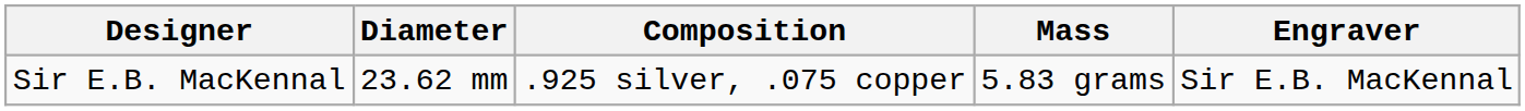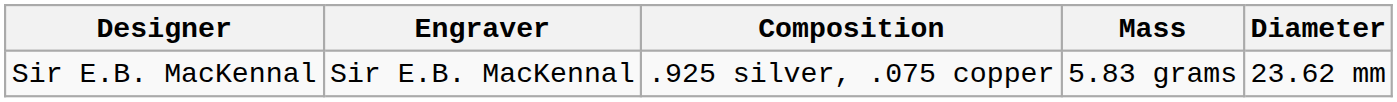 <table class="wikitable">
 <tr>
 <th>Designer</th>
-<th>Diameter</th>
+<th>Engraver</th>
 <th>Composition</th>
 <th>Mass</th>
-<th>Engraver</th>
+<th>Diameter</th>
 </tr>
 <tr>
 <td>Sir E.B. MacKennal</td>
-<td>23.62 mm</td>
+<td>Sir E.B. MacKennal</td>
 <td>.925 silver, .075 copper</td>
 <td>5.83 grams</td>
-<td>Sir E.B. MacKennal</td>
+<td>23.62 mm</td>
 </tr>
 </table>
